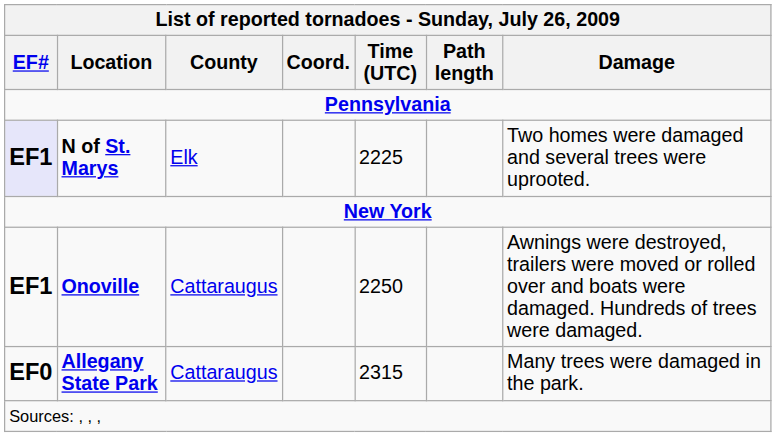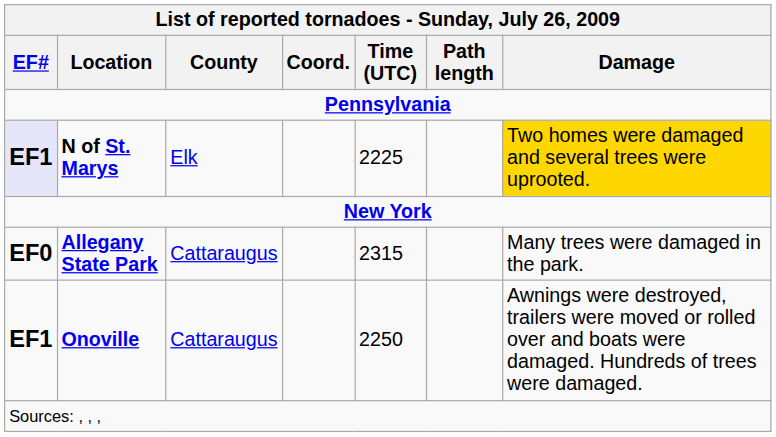 <table class="wikitable collapsible" style="width:100%;">
 <tr>
 <th colspan="7">List of reported tornadoes - Sunday, July 26, 2009</th>
 </tr>
 <tr>
 <th><a href='#'>EF#</a></th>
 <th>Location</th>
 <th>County</th>
 <th>Coord.</th>
 <th>Time (UTC)</th>
 <th>Path length</th>
 <th>Damage</th>
 </tr>
 <tr>
 <td colspan="7" style="text-align:center;"><strong><a href='#'>Pennsylvania</a></strong></td>
 </tr>
 <tr>
 <td style="background: lavender;"><big><strong>EF1</strong></big></td>
 <td><strong>N of <a href='#'>St. Marys</a></strong></td>
 <td><a href='#'>Elk</a></td>
 <td></td>
 <td>2225</td>
 <td></td>
-<td>Two homes were damaged and several trees were uprooted.</td>
+<td style="background: gold;">Two homes were damaged and several trees were uprooted.</td>
 </tr>
 <tr>
 <td colspan="7" style="text-align:center;"><strong><a href='#'>New York</a></strong></td>
+</tr>
+<tr>
+<td><big><strong>EF0</strong></big></td>
+<td><strong><a href='#'>Allegany State Park</a></strong></td>
+<td><a href='#'>Cattaraugus</a></td>
+<td></td>
+<td>2315</td>
+<td></td>
+<td>Many trees were damaged in the park.</td>
 </tr>
 <tr>
 <td><big><strong>EF1</strong></big></td>
 <td><strong><a href='#'>Onoville</a></strong></td>
 <td><a href='#'>Cattaraugus</a></td>
 <td></td>
 <td>2250</td>
 <td></td>
 <td>Awnings were destroyed, trailers were moved or rolled over and boats were damaged. Hundreds of trees were damaged.</td>
 </tr>
 <tr>
-<td><big><strong>EF0</strong></big></td>
-<td><strong><a href='#'>Allegany State Park</a></strong></td>
-<td><a href='#'>Cattaraugus</a></td>
-<td></td>
-<td>2315</td>
-<td></td>
-<td>Many trees were damaged in the park.</td>
-</tr>
-<tr>
 <td colspan="7"><small>Sources: , , , </small></td>
 </tr>
 </table>
